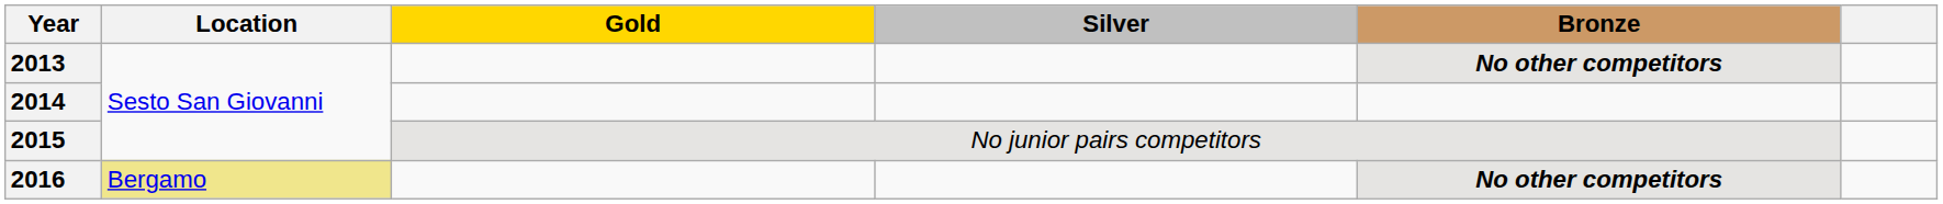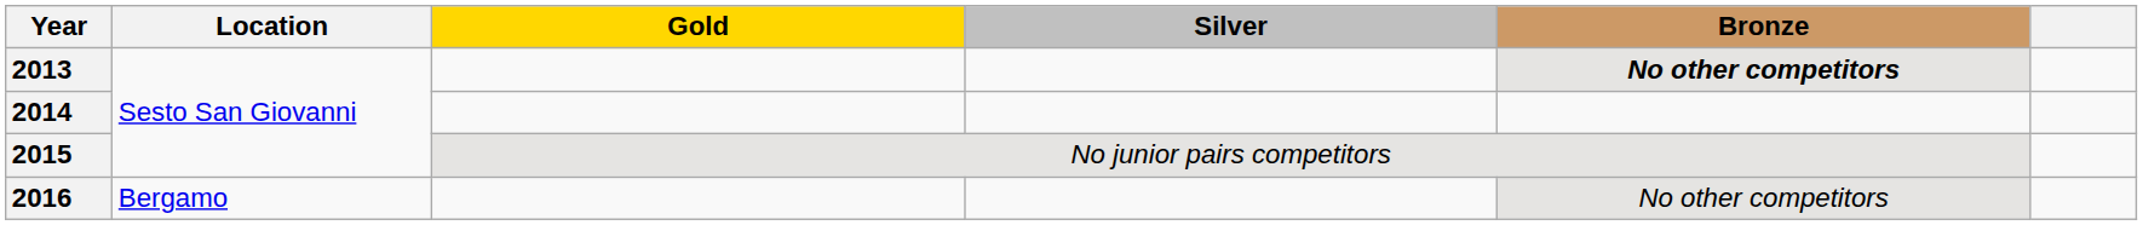 <table class="wikitable unsortable" style="text-align:left; width:80%">
 <tr>
 <th scope="col" style="text-align:center; width:5%">Year</th>
 <th scope="col" style="text-align:center; width:15%">Location</th>
 <th scope="col" style="text-align:center; width:25%; background:gold">Gold</th>
 <th scope="col" style="text-align:center; width:25%; background:silver">Silver</th>
 <th scope="col" style="text-align:center; width:25%; background:#c96">Bronze</th>
 <th scope="col" style="text-align:center; width:5%"></th>
 </tr>
 <tr>
 <th scope="row" style="text-align:left">2013</th>
 <td rowspan="3"><a href='#'>Sesto San Giovanni</a></td>
 <td></td>
 <td></td>
 <td align="center" bgcolor="e5e4e2"><strong><em>No other competitors</em></strong></td>
 <td></td>
 </tr>
 <tr>
 <th scope="row" style="text-align:left">2014</th>
 <td></td>
 <td></td>
 <td></td>
 <td></td>
 </tr>
 <tr>
 <th scope="row" style="text-align:left">2015</th>
 <td colspan="3" align="center" bgcolor="e5e4e2"><em>No junior pairs competitors</em></td>
 <td></td>
 </tr>
 <tr>
 <th scope="row" style="text-align:left">2016</th>
-<td style="background: khaki;"><a href='#'>Bergamo</a></td>
+<td><a href='#'>Bergamo</a></td>
 <td></td>
 <td></td>
-<td align="center" bgcolor="e5e4e2"><strong><em>No other competitors</em></strong></td>
+<td align="center" bgcolor="e5e4e2"><em>No other competitors</em></td>
 <td></td>
 </tr>
 </table>
